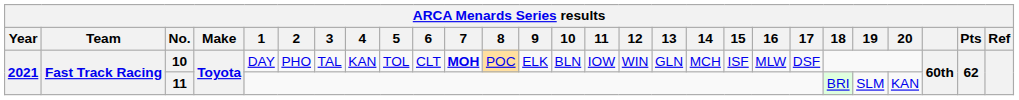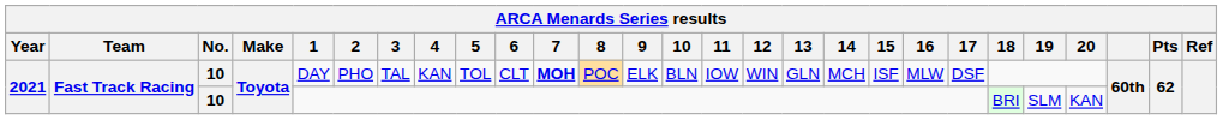 <table class="wikitable" style="text-align:center; font-size:75%">
 <tr>
 <th colspan=27><a href='#'>ARCA Menards Series</a> results</th>
 </tr>
 <tr>
 <th>Year</th>
 <th>Team</th>
 <th>No.</th>
 <th>Make</th>
 <th>1</th>
 <th>2</th>
 <th>3</th>
 <th>4</th>
 <th>5</th>
 <th>6</th>
 <th>7</th>
 <th>8</th>
 <th>9</th>
 <th>10</th>
 <th>11</th>
 <th>12</th>
 <th>13</th>
 <th>14</th>
 <th>15</th>
 <th>16</th>
 <th>17</th>
 <th>18</th>
 <th>19</th>
 <th>20</th>
 <th></th>
 <th>Pts</th>
 <th>Ref</th>
 </tr>
 <tr>
 <th rowspan=2><a href='#'>2021</a></th>
 <th rowspan=2><a href='#'>Fast Track Racing</a></th>
 <th>10</th>
 <th rowspan=2><a href='#'>Toyota</a></th>
 <td><a href='#'>DAY</a></td>
 <td><a href='#'>PHO</a></td>
 <td><a href='#'>TAL</a></td>
 <td><a href='#'>KAN</a></td>
 <td><a href='#'>TOL</a></td>
 <td><a href='#'>CLT</a></td>
 <td><strong><a href='#'>MOH</a></strong></td>
 <td style="background:#FFDF9F;"><a href='#'>POC</a><br></td>
 <td><a href='#'>ELK</a></td>
 <td><a href='#'>BLN</a></td>
 <td><a href='#'>IOW</a></td>
 <td><a href='#'>WIN</a></td>
 <td><a href='#'>GLN</a></td>
 <td><a href='#'>MCH</a></td>
 <td><a href='#'>ISF</a></td>
 <td><a href='#'>MLW</a></td>
 <td><a href='#'>DSF</a></td>
 <td colspan=3></td>
 <th rowspan=2>60th</th>
 <th rowspan=2>62</th>
 <th rowspan=2></th>
 </tr>
 <tr>
-<th>11</th>
+<th>10</th>
 <td colspan=17></td>
 <td style="background:#DFFFDF;"><a href='#'>BRI</a><br></td>
 <td><a href='#'>SLM</a></td>
 <td><a href='#'>KAN</a></td>
 </tr>
 </table>
